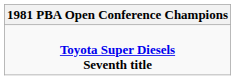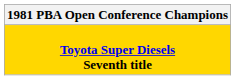 <table class=wikitable style="text-align:center; margin:auto">
 <tr>
 <th>1981 PBA Open Conference Champions</th>
 </tr>
 <tr>
-<td><br> <strong><a href='#'>Toyota Super Diesels</a></strong> <br> <strong>Seventh title</strong></td>
+<td style="background: gold;"><br> <strong><a href='#'>Toyota Super Diesels</a></strong> <br> <strong>Seventh title</strong></td>
 </tr>
 </table>
